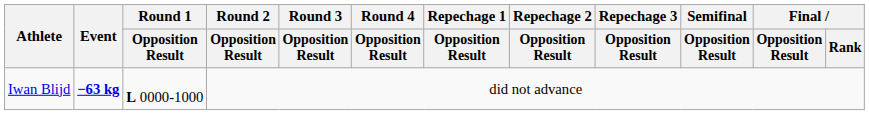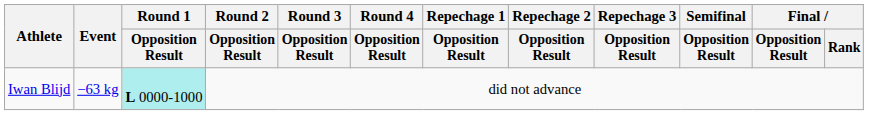 <table class="wikitable" style="font-size:90%">
 <tr>
 <th rowspan="2">Athlete</th>
 <th rowspan="2">Event</th>
 <th>Round 1</th>
 <th>Round 2</th>
 <th>Round 3</th>
 <th>Round 4</th>
 <th>Repechage 1</th>
 <th>Repechage 2</th>
 <th>Repechage 3</th>
 <th>Semifinal</th>
 <th colspan=2>Final / </th>
 </tr>
 <tr style="font-size:95%">
 <th>Opposition<br>Result</th>
 <th>Opposition<br>Result</th>
 <th>Opposition<br>Result</th>
 <th>Opposition<br>Result</th>
 <th>Opposition<br>Result</th>
 <th>Opposition<br>Result</th>
 <th>Opposition<br>Result</th>
 <th>Opposition<br>Result</th>
 <th>Opposition<br>Result</th>
 <th>Rank</th>
 </tr>
 <tr align=center>
 <td align=left><a href='#'>Iwan Blijd</a></td>
-<td align=left><strong><a href='#'>−63 kg</a></strong></td>
-<td><br><strong>L</strong> 0000-1000</td>
+<td align=left><a href='#'>−63 kg</a></td>
+<td style="background: paleturquoise;"><br><strong>L</strong> 0000-1000</td>
 <td colspan=9>did not advance</td>
 </tr>
 </table>
